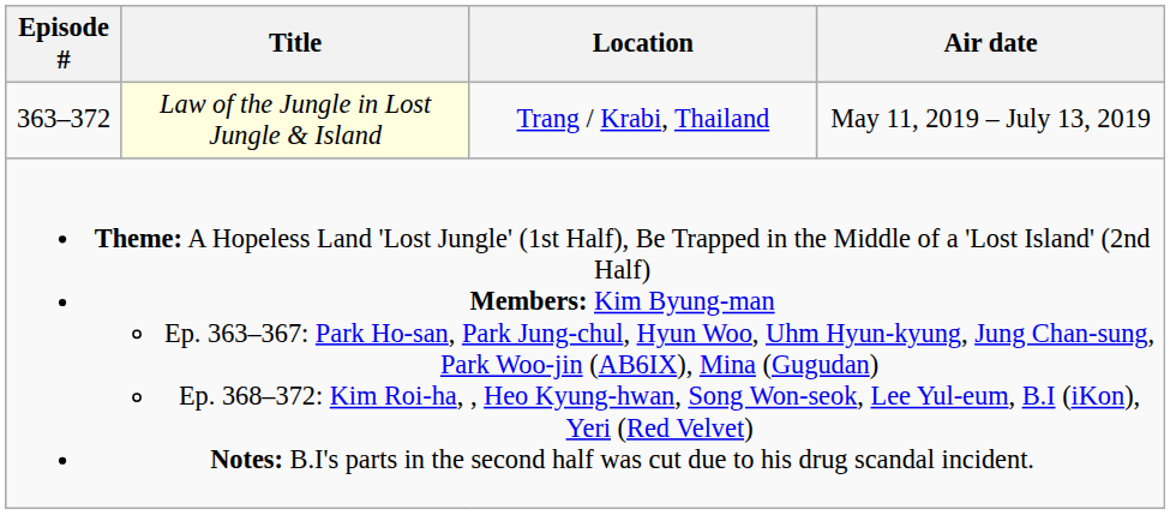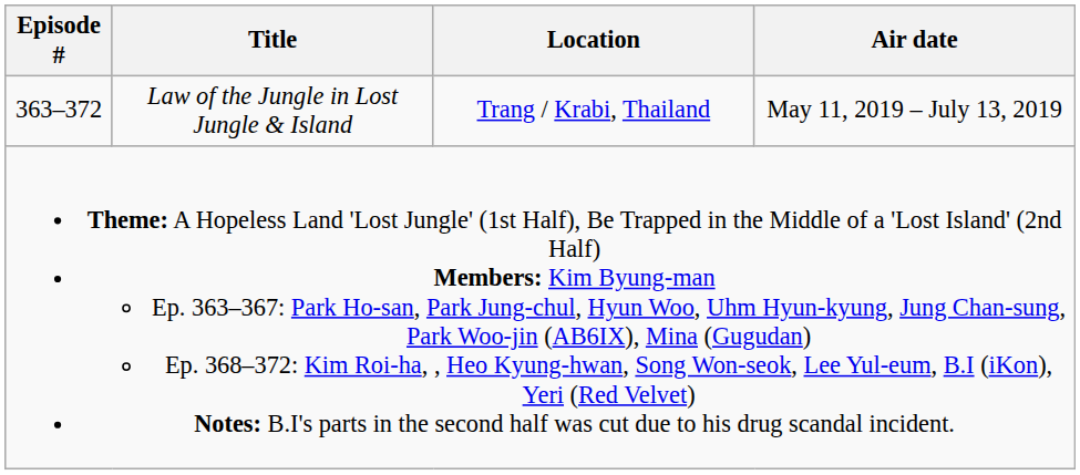 <table class="wikitable" style="text-align:center; font-size:90%; width:100%;">
 <tr>
 <th width="10%">Episode #</th>
 <th width="30%">Title</th>
 <th width="30%">Location</th>
 <th width="30%">Air date</th>
 </tr>
 <tr>
 <td>363–372</td>
-<td style="background: lightyellow;"><em>Law of the Jungle in Lost Jungle & Island</em></td>
+<td><em>Law of the Jungle in Lost Jungle & Island</em></td>
 <td><a href='#'>Trang</a> / <a href='#'>Krabi</a>, <a href='#'>Thailand</a></td>
 <td>May 11, 2019 – July 13, 2019</td>
 </tr>
 <tr>
 <td colspan="4"><br><ul><li><strong>Theme:</strong> A Hopeless Land 'Lost Jungle' (1st Half), Be Trapped in the Middle of a 'Lost Island' (2nd Half)</li><li><strong>Members:</strong> <a href='#'>Kim Byung-man</a><ul><li>Ep. 363–367: <a href='#'>Park Ho-san</a>, <a href='#'>Park Jung-chul</a>, <a href='#'>Hyun Woo</a>, <a href='#'>Uhm Hyun-kyung</a>, <a href='#'>Jung Chan-sung</a>, <a href='#'>Park Woo-jin</a> (<a href='#'>AB6IX</a>), <a href='#'>Mina</a> (<a href='#'>Gugudan</a>)</li><li>Ep. 368–372: <a href='#'>Kim Roi-ha</a>, , <a href='#'>Heo Kyung-hwan</a>, <a href='#'>Song Won-seok</a>, <a href='#'>Lee Yul-eum</a>, <a href='#'>B.I</a> (<a href='#'>iKon</a>), <a href='#'>Yeri</a> (<a href='#'>Red Velvet</a>)</li></ul></li><li><strong>Notes:</strong> B.I's parts in the second half was cut due to his drug scandal incident.</li></ul></td>
 </tr>
 </table>
